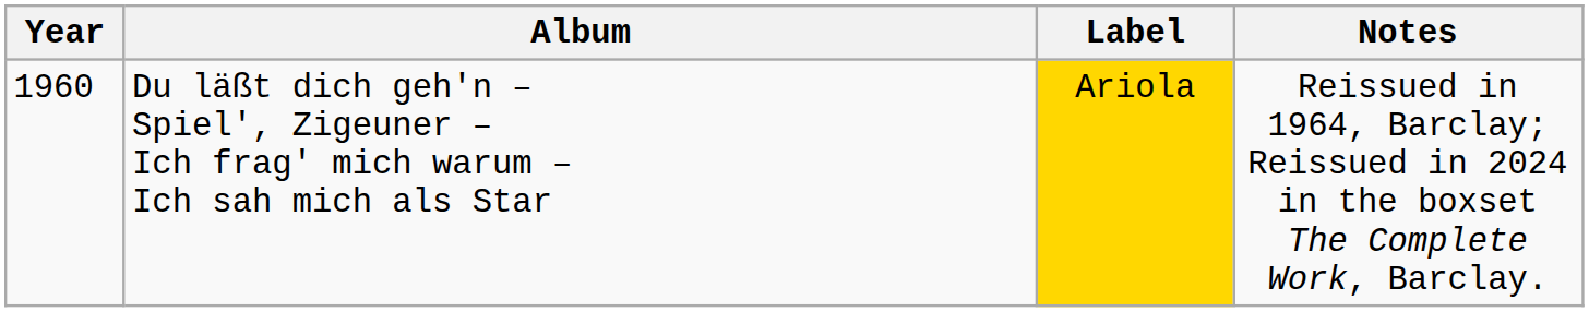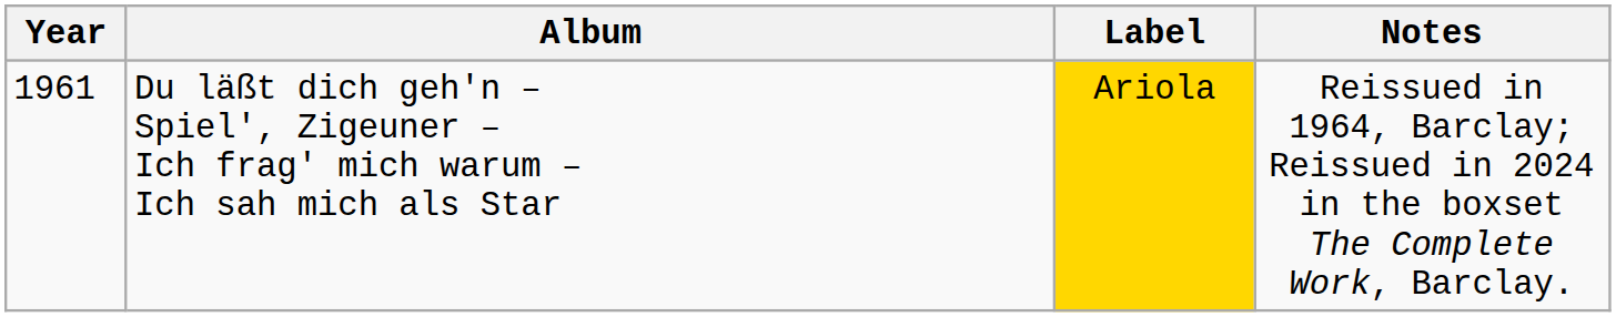 <table class="wikitable">
 <tr>
 <th align="left" valign="top" width="40">Year</th>
 <th align="left" valign="top" width="350">Album</th>
 <th align="center" valign="top" width="70">Label</th>
 <th align="left" valign="top" width="130">Notes</th>
 </tr>
 <tr>
-<td align="left" valign="top">1960</td>
+<td align="left" valign="top">1961</td>
 <td align="left" valign="top">Du läßt dich geh'n –<br>Spiel', Zigeuner –<br>Ich frag' mich warum –<br>Ich sah mich als Star</td>
 <td align="center" valign="top" style="background: gold;">Ariola</td>
 <td align="center" valign="top">Reissued in 1964, Barclay; Reissued in 2024 in the boxset <em>The Complete Work</em>, Barclay.</td>
 </tr>
 </table>
